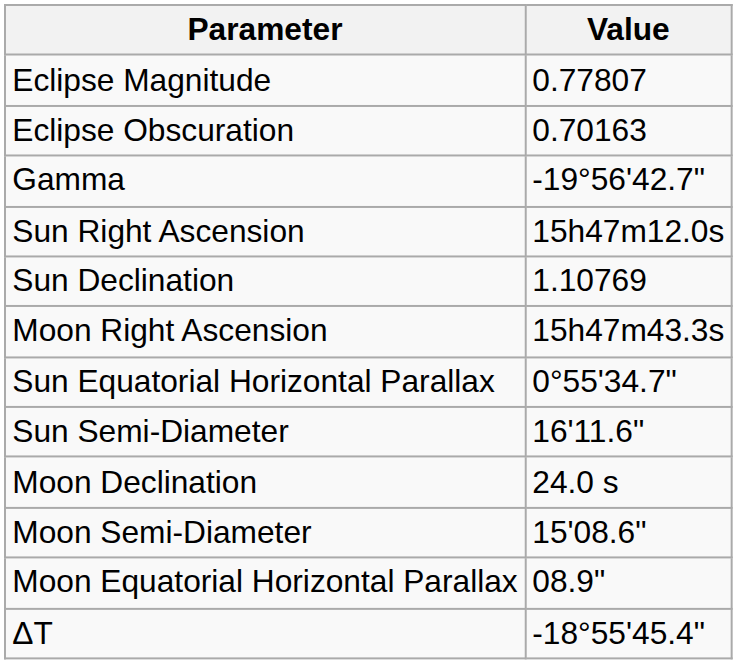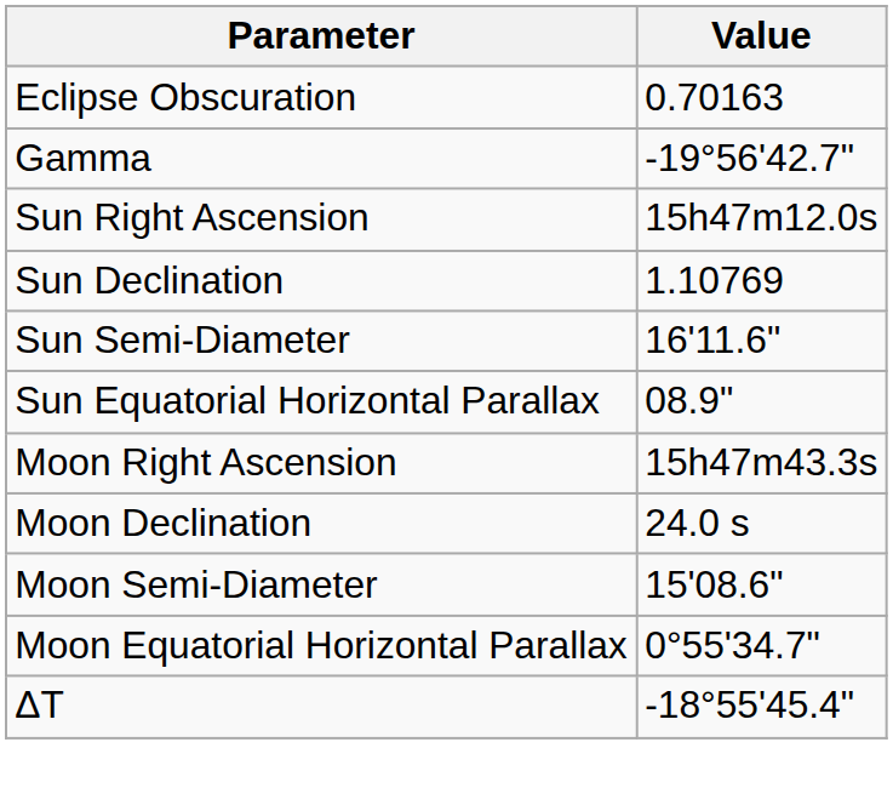 <table class="wikitable">
 <tr>
 <th>Parameter</th>
 <th>Value</th>
-</tr>
-<tr>
-<td>Eclipse Magnitude</td>
-<td>0.77807</td>
 </tr>
 <tr>
 <td>Eclipse Obscuration</td>
 <td>0.70163</td>
 </tr>
 <tr>
 <td>Gamma</td>
 <td>-19°56'42.7"</td>
 </tr>
 <tr>
 <td>Sun Right Ascension</td>
 <td>15h47m12.0s</td>
 </tr>
 <tr>
 <td>Sun Declination</td>
 <td>1.10769</td>
 </tr>
 <tr>
-<td>Moon Right Ascension</td>
-<td>15h47m43.3s</td>
+<td>Sun Semi-Diameter</td>
+<td>16'11.6"</td>
 </tr>
 <tr>
 <td>Sun Equatorial Horizontal Parallax</td>
-<td>0°55'34.7"</td>
+<td>08.9"</td>
 </tr>
 <tr>
-<td>Sun Semi-Diameter</td>
-<td>16'11.6"</td>
+<td>Moon Right Ascension</td>
+<td>15h47m43.3s</td>
 </tr>
 <tr>
 <td>Moon Declination</td>
 <td>24.0 s</td>
 </tr>
 <tr>
 <td>Moon Semi-Diameter</td>
 <td>15'08.6"</td>
 </tr>
 <tr>
 <td>Moon Equatorial Horizontal Parallax</td>
-<td>08.9"</td>
+<td>0°55'34.7"</td>
 </tr>
 <tr>
 <td>ΔT</td>
 <td>-18°55'45.4"</td>
 </tr>
 </table>
